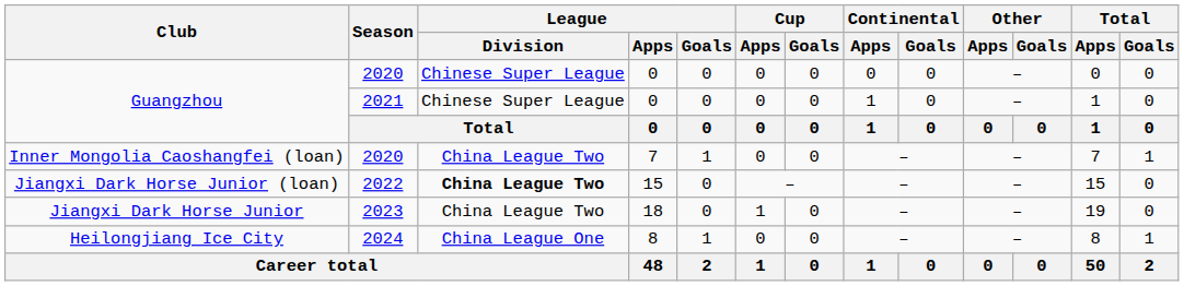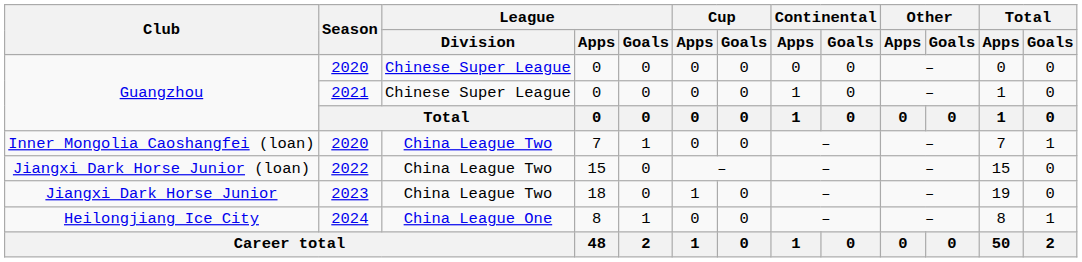 <table class="wikitable" style="text-align: center">
 <tr>
 <th rowspan="2">Club</th>
 <th rowspan="2">Season</th>
 <th colspan="3">League</th>
 <th colspan="2">Cup</th>
 <th colspan="2">Continental</th>
 <th colspan="2">Other</th>
 <th colspan="2">Total</th>
 </tr>
 <tr>
 <th>Division</th>
 <th>Apps</th>
 <th>Goals</th>
 <th>Apps</th>
 <th>Goals</th>
 <th>Apps</th>
 <th>Goals</th>
 <th>Apps</th>
 <th>Goals</th>
 <th>Apps</th>
 <th>Goals</th>
 </tr>
 <tr>
 <td rowspan="3"><a href='#'>Guangzhou</a></td>
 <td><a href='#'>2020</a></td>
 <td><a href='#'>Chinese Super League</a></td>
 <td>0</td>
 <td>0</td>
 <td>0</td>
 <td>0</td>
 <td>0</td>
 <td>0</td>
 <td colspan="2">–</td>
 <td>0</td>
 <td>0</td>
 </tr>
 <tr>
 <td><a href='#'>2021</a></td>
 <td>Chinese Super League</td>
 <td>0</td>
 <td>0</td>
 <td>0</td>
 <td>0</td>
 <td>1</td>
 <td>0</td>
 <td colspan="2">–</td>
 <td>1</td>
 <td>0</td>
 </tr>
 <tr>
 <th colspan=2>Total</th>
 <th>0</th>
 <th>0</th>
 <th>0</th>
 <th>0</th>
 <th>1</th>
 <th>0</th>
 <th>0</th>
 <th>0</th>
 <th>1</th>
 <th>0</th>
 </tr>
 <tr>
 <td><a href='#'>Inner Mongolia Caoshangfei</a> (loan)</td>
 <td><a href='#'>2020</a></td>
 <td><a href='#'>China League Two</a></td>
 <td>7</td>
 <td>1</td>
 <td>0</td>
 <td>0</td>
 <td colspan="2">–</td>
 <td colspan="2">–</td>
 <td>7</td>
 <td>1</td>
 </tr>
 <tr>
 <td><a href='#'>Jiangxi Dark Horse Junior</a> (loan)</td>
 <td><a href='#'>2022</a></td>
-<td><strong>China League Two</strong></td>
+<td>China League Two</td>
 <td>15</td>
 <td>0</td>
 <td colspan="2">–</td>
 <td colspan="2">–</td>
 <td colspan="2">–</td>
 <td>15</td>
 <td>0</td>
 </tr>
 <tr>
 <td><a href='#'>Jiangxi Dark Horse Junior</a></td>
 <td><a href='#'>2023</a></td>
 <td>China League Two</td>
 <td>18</td>
 <td>0</td>
 <td>1</td>
 <td>0</td>
 <td colspan="2">–</td>
 <td colspan="2">–</td>
 <td>19</td>
 <td>0</td>
 </tr>
 <tr>
 <td><a href='#'>Heilongjiang Ice City</a></td>
 <td><a href='#'>2024</a></td>
 <td><a href='#'>China League One</a></td>
 <td>8</td>
 <td>1</td>
 <td>0</td>
 <td>0</td>
 <td colspan="2">–</td>
 <td colspan="2">–</td>
 <td>8</td>
 <td>1</td>
 </tr>
 <tr>
 <th colspan=3>Career total</th>
 <th>48</th>
 <th>2</th>
 <th>1</th>
 <th>0</th>
 <th>1</th>
 <th>0</th>
 <th>0</th>
 <th>0</th>
 <th>50</th>
 <th>2</th>
 </tr>
 </table>
